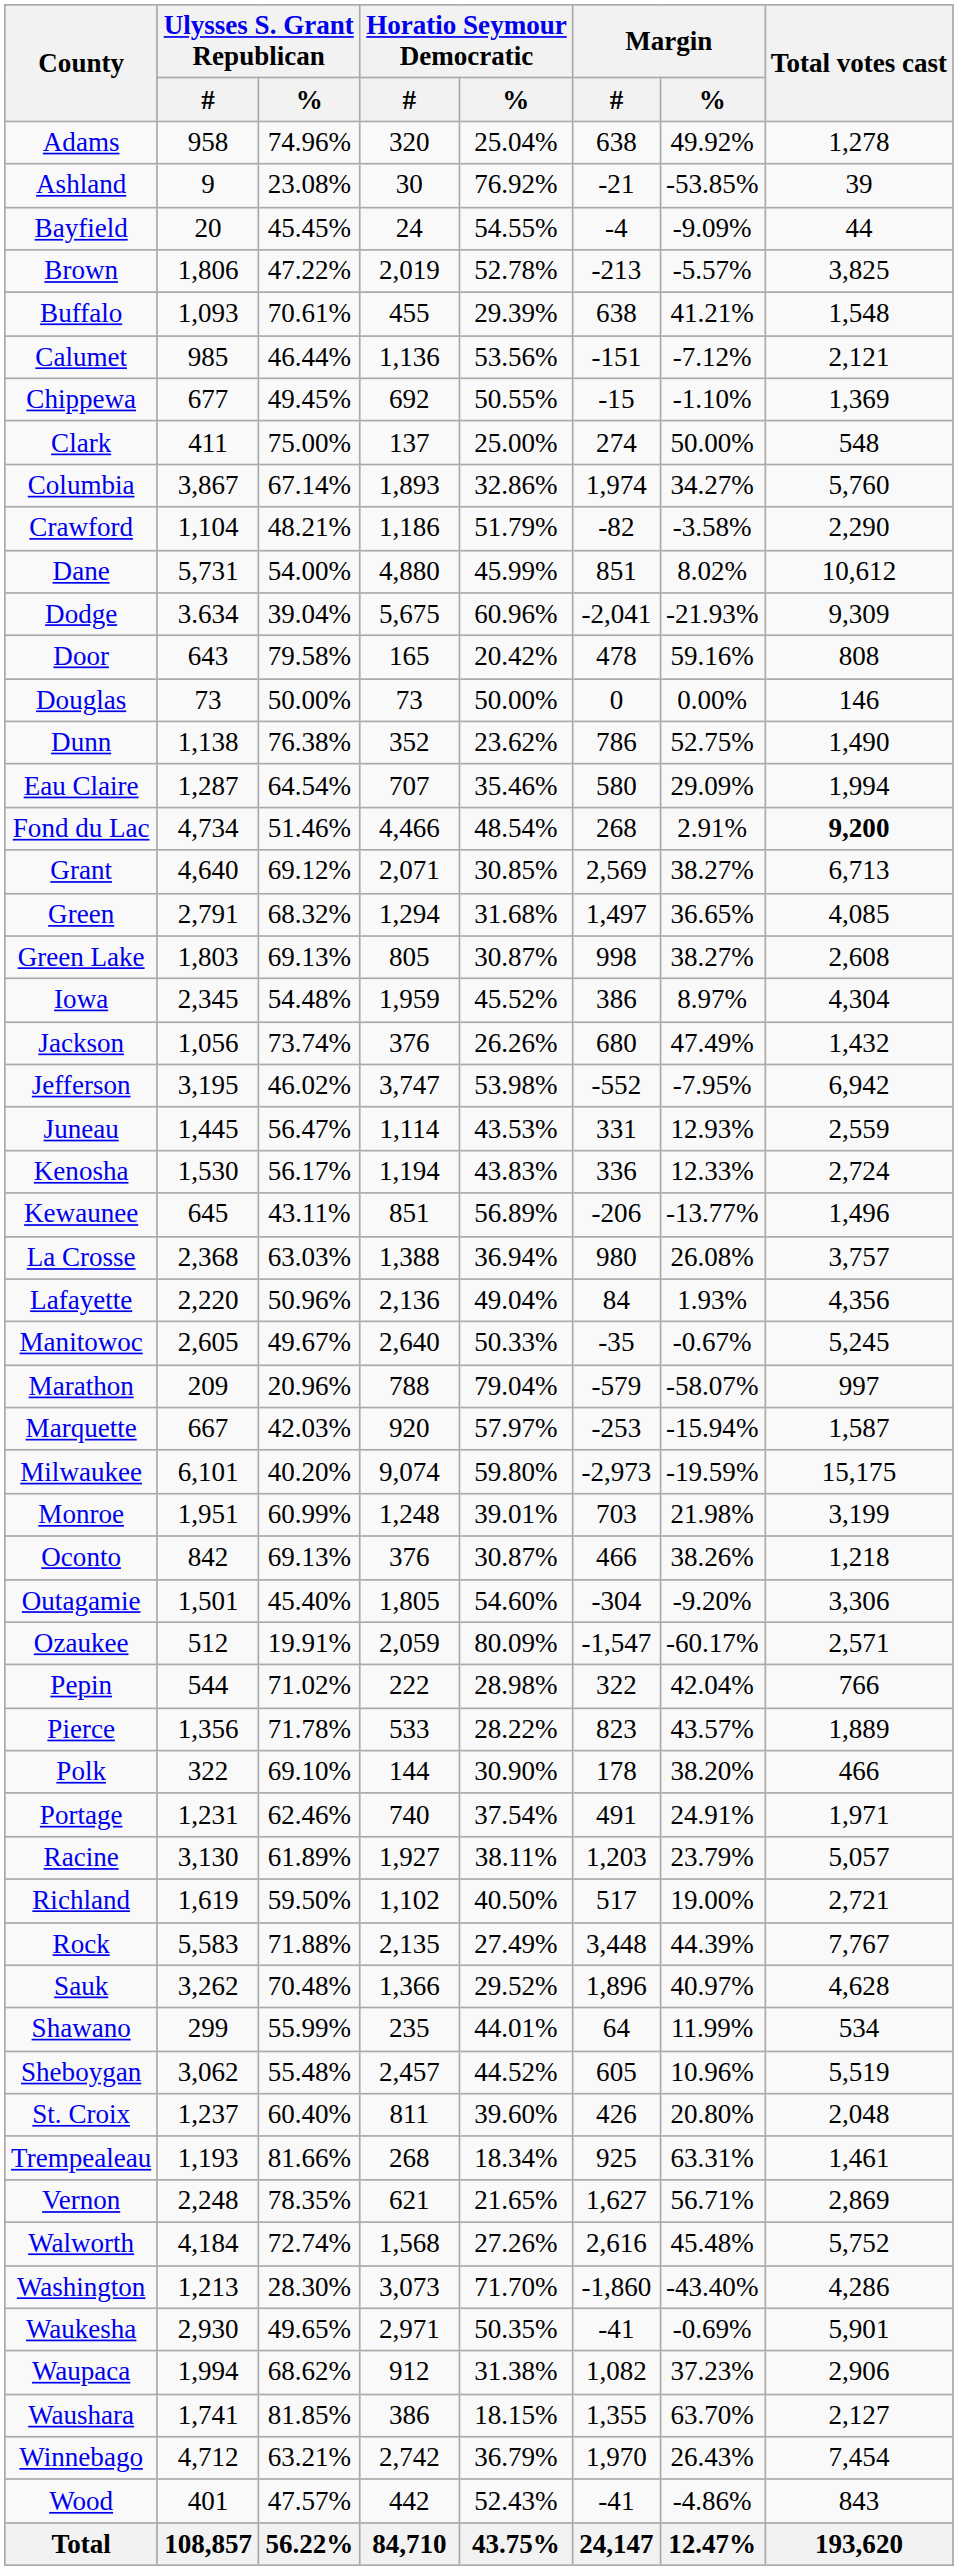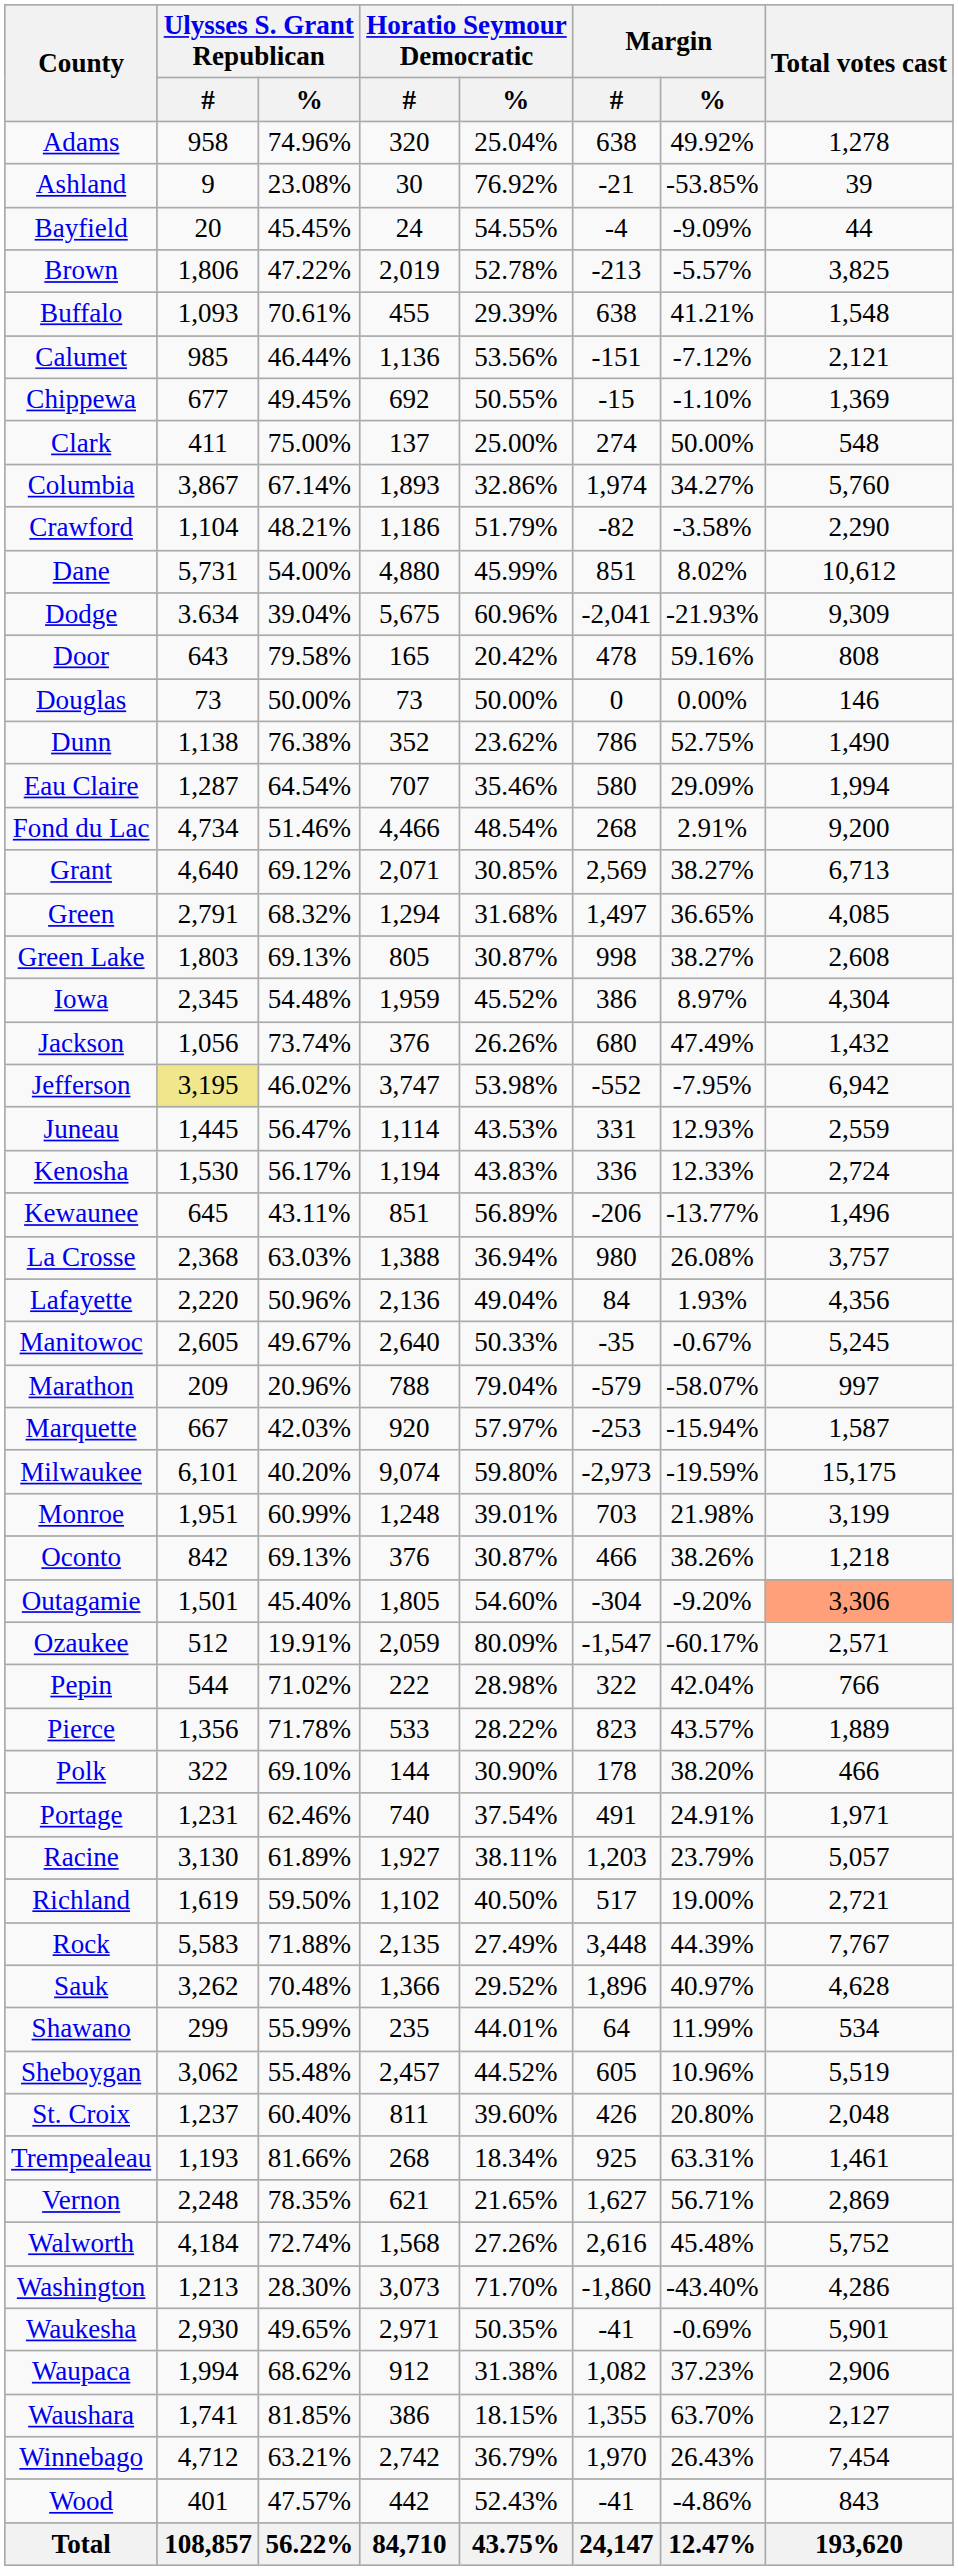 <table class="wikitable sortable" style="text-align:center">
 <tr>
 <th rowspan="2" style="text-align:center;">County</th>
 <th colspan="2" style="text-align:center;"><a href='#'>Ulysses S. Grant</a><br>Republican</th>
 <th colspan="2" style="text-align:center;"><a href='#'>Horatio Seymour</a><br>Democratic</th>
 <th colspan="2" style="text-align:center;">Margin</th>
 <th rowspan="2" style="text-align:center;">Total votes cast</th>
 </tr>
 <tr>
 <th style="text-align:center;" data-sort-type="number">#</th>
 <th style="text-align:center;" data-sort-type="number">%</th>
 <th style="text-align:center;" data-sort-type="number">#</th>
 <th style="text-align:center;" data-sort-type="number">%</th>
 <th style="text-align:center;" data-sort-type="number">#</th>
 <th style="text-align:center;" data-sort-type="number">%</th>
 </tr>
 <tr style="text-align:center;">
 <td><a href='#'>Adams</a></td>
 <td>958</td>
 <td>74.96%</td>
 <td>320</td>
 <td>25.04%</td>
 <td>638</td>
 <td>49.92%</td>
 <td>1,278</td>
 </tr>
 <tr style="text-align:center;">
 <td><a href='#'>Ashland</a></td>
 <td>9</td>
 <td>23.08%</td>
 <td>30</td>
 <td>76.92%</td>
 <td>-21</td>
 <td>-53.85%</td>
 <td>39</td>
 </tr>
 <tr style="text-align:center;">
 <td><a href='#'>Bayfield</a></td>
 <td>20</td>
 <td>45.45%</td>
 <td>24</td>
 <td>54.55%</td>
 <td>-4</td>
 <td>-9.09%</td>
 <td>44</td>
 </tr>
 <tr style="text-align:center;">
 <td><a href='#'>Brown</a></td>
 <td>1,806</td>
 <td>47.22%</td>
 <td>2,019</td>
 <td>52.78%</td>
 <td>-213</td>
 <td>-5.57%</td>
 <td>3,825</td>
 </tr>
 <tr style="text-align:center;">
 <td><a href='#'>Buffalo</a></td>
 <td>1,093</td>
 <td>70.61%</td>
 <td>455</td>
 <td>29.39%</td>
 <td>638</td>
 <td>41.21%</td>
 <td>1,548</td>
 </tr>
 <tr style="text-align:center;">
 <td><a href='#'>Calumet</a></td>
 <td>985</td>
 <td>46.44%</td>
 <td>1,136</td>
 <td>53.56%</td>
 <td>-151</td>
 <td>-7.12%</td>
 <td>2,121</td>
 </tr>
 <tr style="text-align:center;">
 <td><a href='#'>Chippewa</a></td>
 <td>677</td>
 <td>49.45%</td>
 <td>692</td>
 <td>50.55%</td>
 <td>-15</td>
 <td>-1.10%</td>
 <td>1,369</td>
 </tr>
 <tr style="text-align:center;">
 <td><a href='#'>Clark</a></td>
 <td>411</td>
 <td>75.00%</td>
 <td>137</td>
 <td>25.00%</td>
 <td>274</td>
 <td>50.00%</td>
 <td>548</td>
 </tr>
 <tr style="text-align:center;">
 <td><a href='#'>Columbia</a></td>
 <td>3,867</td>
 <td>67.14%</td>
 <td>1,893</td>
 <td>32.86%</td>
 <td>1,974</td>
 <td>34.27%</td>
 <td>5,760</td>
 </tr>
 <tr style="text-align:center;">
 <td><a href='#'>Crawford</a></td>
 <td>1,104</td>
 <td>48.21%</td>
 <td>1,186</td>
 <td>51.79%</td>
 <td>-82</td>
 <td>-3.58%</td>
 <td>2,290</td>
 </tr>
 <tr style="text-align:center;">
 <td><a href='#'>Dane</a></td>
 <td>5,731</td>
 <td>54.00%</td>
 <td>4,880</td>
 <td>45.99%</td>
 <td>851</td>
 <td>8.02%</td>
 <td>10,612</td>
 </tr>
 <tr style="text-align:center;">
 <td><a href='#'>Dodge</a></td>
 <td>3.634</td>
 <td>39.04%</td>
 <td>5,675</td>
 <td>60.96%</td>
 <td>-2,041</td>
 <td>-21.93%</td>
 <td>9,309</td>
 </tr>
 <tr style="text-align:center;">
 <td><a href='#'>Door</a></td>
 <td>643</td>
 <td>79.58%</td>
 <td>165</td>
 <td>20.42%</td>
 <td>478</td>
 <td>59.16%</td>
 <td>808</td>
 </tr>
 <tr style="text-align:center;">
 <td><a href='#'>Douglas</a></td>
 <td>73</td>
 <td>50.00%</td>
 <td>73</td>
 <td>50.00%</td>
 <td>0</td>
 <td>0.00%</td>
 <td>146</td>
 </tr>
 <tr style="text-align:center;">
 <td><a href='#'>Dunn</a></td>
 <td>1,138</td>
 <td>76.38%</td>
 <td>352</td>
 <td>23.62%</td>
 <td>786</td>
 <td>52.75%</td>
 <td>1,490</td>
 </tr>
 <tr style="text-align:center;">
 <td><a href='#'>Eau Claire</a></td>
 <td>1,287</td>
 <td>64.54%</td>
 <td>707</td>
 <td>35.46%</td>
 <td>580</td>
 <td>29.09%</td>
 <td>1,994</td>
 </tr>
 <tr style="text-align:center;">
 <td><a href='#'>Fond du Lac</a></td>
 <td>4,734</td>
 <td>51.46%</td>
 <td>4,466</td>
 <td>48.54%</td>
 <td>268</td>
 <td>2.91%</td>
-<td><strong>9,200</strong></td>
+<td>9,200</td>
 </tr>
 <tr style="text-align:center;">
 <td><a href='#'>Grant</a></td>
 <td>4,640</td>
 <td>69.12%</td>
 <td>2,071</td>
 <td>30.85%</td>
 <td>2,569</td>
 <td>38.27%</td>
 <td>6,713</td>
 </tr>
 <tr style="text-align:center;">
 <td><a href='#'>Green</a></td>
 <td>2,791</td>
 <td>68.32%</td>
 <td>1,294</td>
 <td>31.68%</td>
 <td>1,497</td>
 <td>36.65%</td>
 <td>4,085</td>
 </tr>
 <tr style="text-align:center;">
 <td><a href='#'>Green Lake</a></td>
 <td>1,803</td>
 <td>69.13%</td>
 <td>805</td>
 <td>30.87%</td>
 <td>998</td>
 <td>38.27%</td>
 <td>2,608</td>
 </tr>
 <tr style="text-align:center;">
 <td><a href='#'>Iowa</a></td>
 <td>2,345</td>
 <td>54.48%</td>
 <td>1,959</td>
 <td>45.52%</td>
 <td>386</td>
 <td>8.97%</td>
 <td>4,304</td>
 </tr>
 <tr style="text-align:center;">
 <td><a href='#'>Jackson</a></td>
 <td>1,056</td>
 <td>73.74%</td>
 <td>376</td>
 <td>26.26%</td>
 <td>680</td>
 <td>47.49%</td>
 <td>1,432</td>
 </tr>
 <tr style="text-align:center;">
 <td><a href='#'>Jefferson</a></td>
-<td>3,195</td>
+<td style="background: khaki;">3,195</td>
 <td>46.02%</td>
 <td>3,747</td>
 <td>53.98%</td>
 <td>-552</td>
 <td>-7.95%</td>
 <td>6,942</td>
 </tr>
 <tr style="text-align:center;">
 <td><a href='#'>Juneau</a></td>
 <td>1,445</td>
 <td>56.47%</td>
 <td>1,114</td>
 <td>43.53%</td>
 <td>331</td>
 <td>12.93%</td>
 <td>2,559</td>
 </tr>
 <tr style="text-align:center;">
 <td><a href='#'>Kenosha</a></td>
 <td>1,530</td>
 <td>56.17%</td>
 <td>1,194</td>
 <td>43.83%</td>
 <td>336</td>
 <td>12.33%</td>
 <td>2,724</td>
 </tr>
 <tr style="text-align:center;">
 <td><a href='#'>Kewaunee</a></td>
 <td>645</td>
 <td>43.11%</td>
 <td>851</td>
 <td>56.89%</td>
 <td>-206</td>
 <td>-13.77%</td>
 <td>1,496</td>
 </tr>
 <tr style="text-align:center;">
 <td><a href='#'>La Crosse</a></td>
 <td>2,368</td>
 <td>63.03%</td>
 <td>1,388</td>
 <td>36.94%</td>
 <td>980</td>
 <td>26.08%</td>
 <td>3,757</td>
 </tr>
 <tr style="text-align:center;">
 <td><a href='#'>Lafayette</a></td>
 <td>2,220</td>
 <td>50.96%</td>
 <td>2,136</td>
 <td>49.04%</td>
 <td>84</td>
 <td>1.93%</td>
 <td>4,356</td>
 </tr>
 <tr style="text-align:center;">
 <td><a href='#'>Manitowoc</a></td>
 <td>2,605</td>
 <td>49.67%</td>
 <td>2,640</td>
 <td>50.33%</td>
 <td>-35</td>
 <td>-0.67%</td>
 <td>5,245</td>
 </tr>
 <tr style="text-align:center;">
 <td><a href='#'>Marathon</a></td>
 <td>209</td>
 <td>20.96%</td>
 <td>788</td>
 <td>79.04%</td>
 <td>-579</td>
 <td>-58.07%</td>
 <td>997</td>
 </tr>
 <tr style="text-align:center;">
 <td><a href='#'>Marquette</a></td>
 <td>667</td>
 <td>42.03%</td>
 <td>920</td>
 <td>57.97%</td>
 <td>-253</td>
 <td>-15.94%</td>
 <td>1,587</td>
 </tr>
 <tr style="text-align:center;">
 <td><a href='#'>Milwaukee</a></td>
 <td>6,101</td>
 <td>40.20%</td>
 <td>9,074</td>
 <td>59.80%</td>
 <td>-2,973</td>
 <td>-19.59%</td>
 <td>15,175</td>
 </tr>
 <tr style="text-align:center;">
 <td><a href='#'>Monroe</a></td>
 <td>1,951</td>
 <td>60.99%</td>
 <td>1,248</td>
 <td>39.01%</td>
 <td>703</td>
 <td>21.98%</td>
 <td>3,199</td>
 </tr>
 <tr style="text-align:center;">
 <td><a href='#'>Oconto</a></td>
 <td>842</td>
 <td>69.13%</td>
 <td>376</td>
 <td>30.87%</td>
 <td>466</td>
 <td>38.26%</td>
 <td>1,218</td>
 </tr>
 <tr style="text-align:center;">
 <td><a href='#'>Outagamie</a></td>
 <td>1,501</td>
 <td>45.40%</td>
 <td>1,805</td>
 <td>54.60%</td>
 <td>-304</td>
 <td>-9.20%</td>
-<td>3,306</td>
+<td style="background: lightsalmon;">3,306</td>
 </tr>
 <tr style="text-align:center;">
 <td><a href='#'>Ozaukee</a></td>
 <td>512</td>
 <td>19.91%</td>
 <td>2,059</td>
 <td>80.09%</td>
 <td>-1,547</td>
 <td>-60.17%</td>
 <td>2,571</td>
 </tr>
 <tr style="text-align:center;">
 <td><a href='#'>Pepin</a></td>
 <td>544</td>
 <td>71.02%</td>
 <td>222</td>
 <td>28.98%</td>
 <td>322</td>
 <td>42.04%</td>
 <td>766</td>
 </tr>
 <tr style="text-align:center;">
 <td><a href='#'>Pierce</a></td>
 <td>1,356</td>
 <td>71.78%</td>
 <td>533</td>
 <td>28.22%</td>
 <td>823</td>
 <td>43.57%</td>
 <td>1,889</td>
 </tr>
 <tr style="text-align:center;">
 <td><a href='#'>Polk</a></td>
 <td>322</td>
 <td>69.10%</td>
 <td>144</td>
 <td>30.90%</td>
 <td>178</td>
 <td>38.20%</td>
 <td>466</td>
 </tr>
 <tr style="text-align:center;">
 <td><a href='#'>Portage</a></td>
 <td>1,231</td>
 <td>62.46%</td>
 <td>740</td>
 <td>37.54%</td>
 <td>491</td>
 <td>24.91%</td>
 <td>1,971</td>
 </tr>
 <tr style="text-align:center;">
 <td><a href='#'>Racine</a></td>
 <td>3,130</td>
 <td>61.89%</td>
 <td>1,927</td>
 <td>38.11%</td>
 <td>1,203</td>
 <td>23.79%</td>
 <td>5,057</td>
 </tr>
 <tr style="text-align:center;">
 <td><a href='#'>Richland</a></td>
 <td>1,619</td>
 <td>59.50%</td>
 <td>1,102</td>
 <td>40.50%</td>
 <td>517</td>
 <td>19.00%</td>
 <td>2,721</td>
 </tr>
 <tr style="text-align:center;">
 <td><a href='#'>Rock</a></td>
 <td>5,583</td>
 <td>71.88%</td>
 <td>2,135</td>
 <td>27.49%</td>
 <td>3,448</td>
 <td>44.39%</td>
 <td>7,767</td>
 </tr>
 <tr style="text-align:center;">
 <td><a href='#'>Sauk</a></td>
 <td>3,262</td>
 <td>70.48%</td>
 <td>1,366</td>
 <td>29.52%</td>
 <td>1,896</td>
 <td>40.97%</td>
 <td>4,628</td>
 </tr>
 <tr style="text-align:center;">
 <td><a href='#'>Shawano</a></td>
 <td>299</td>
 <td>55.99%</td>
 <td>235</td>
 <td>44.01%</td>
 <td>64</td>
 <td>11.99%</td>
 <td>534</td>
 </tr>
 <tr style="text-align:center;">
 <td><a href='#'>Sheboygan</a></td>
 <td>3,062</td>
 <td>55.48%</td>
 <td>2,457</td>
 <td>44.52%</td>
 <td>605</td>
 <td>10.96%</td>
 <td>5,519</td>
 </tr>
 <tr style="text-align:center;">
 <td><a href='#'>St. Croix</a></td>
 <td>1,237</td>
 <td>60.40%</td>
 <td>811</td>
 <td>39.60%</td>
 <td>426</td>
 <td>20.80%</td>
 <td>2,048</td>
 </tr>
 <tr style="text-align:center;">
 <td><a href='#'>Trempealeau</a></td>
 <td>1,193</td>
 <td>81.66%</td>
 <td>268</td>
 <td>18.34%</td>
 <td>925</td>
 <td>63.31%</td>
 <td>1,461</td>
 </tr>
 <tr style="text-align:center;">
 <td><a href='#'>Vernon</a></td>
 <td>2,248</td>
 <td>78.35%</td>
 <td>621</td>
 <td>21.65%</td>
 <td>1,627</td>
 <td>56.71%</td>
 <td>2,869</td>
 </tr>
 <tr style="text-align:center;">
 <td><a href='#'>Walworth</a></td>
 <td>4,184</td>
 <td>72.74%</td>
 <td>1,568</td>
 <td>27.26%</td>
 <td>2,616</td>
 <td>45.48%</td>
 <td>5,752</td>
 </tr>
 <tr style="text-align:center;">
 <td><a href='#'>Washington</a></td>
 <td>1,213</td>
 <td>28.30%</td>
 <td>3,073</td>
 <td>71.70%</td>
 <td>-1,860</td>
 <td>-43.40%</td>
 <td>4,286</td>
 </tr>
 <tr style="text-align:center;">
 <td><a href='#'>Waukesha</a></td>
 <td>2,930</td>
 <td>49.65%</td>
 <td>2,971</td>
 <td>50.35%</td>
 <td>-41</td>
 <td>-0.69%</td>
 <td>5,901</td>
 </tr>
 <tr style="text-align:center;">
 <td><a href='#'>Waupaca</a></td>
 <td>1,994</td>
 <td>68.62%</td>
 <td>912</td>
 <td>31.38%</td>
 <td>1,082</td>
 <td>37.23%</td>
 <td>2,906</td>
 </tr>
 <tr style="text-align:center;">
 <td><a href='#'>Waushara</a></td>
 <td>1,741</td>
 <td>81.85%</td>
 <td>386</td>
 <td>18.15%</td>
 <td>1,355</td>
 <td>63.70%</td>
 <td>2,127</td>
 </tr>
 <tr style="text-align:center;">
 <td><a href='#'>Winnebago</a></td>
 <td>4,712</td>
 <td>63.21%</td>
 <td>2,742</td>
 <td>36.79%</td>
 <td>1,970</td>
 <td>26.43%</td>
 <td>7,454</td>
 </tr>
 <tr style="text-align:center;">
 <td><a href='#'>Wood</a></td>
 <td>401</td>
 <td>47.57%</td>
 <td>442</td>
 <td>52.43%</td>
 <td>-41</td>
 <td>-4.86%</td>
 <td>843</td>
 </tr>
 <tr>
 <th>Total</th>
 <th>108,857</th>
 <th>56.22%</th>
 <th>84,710</th>
 <th>43.75%</th>
 <th>24,147</th>
 <th>12.47%</th>
 <th>193,620</th>
 </tr>
 </table>
